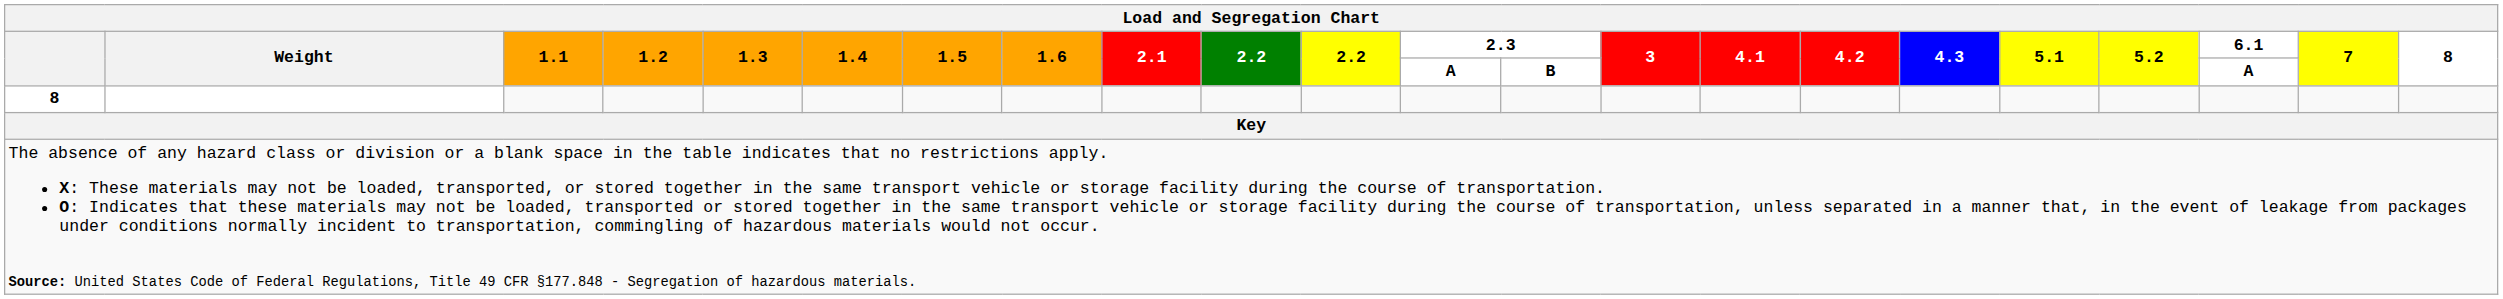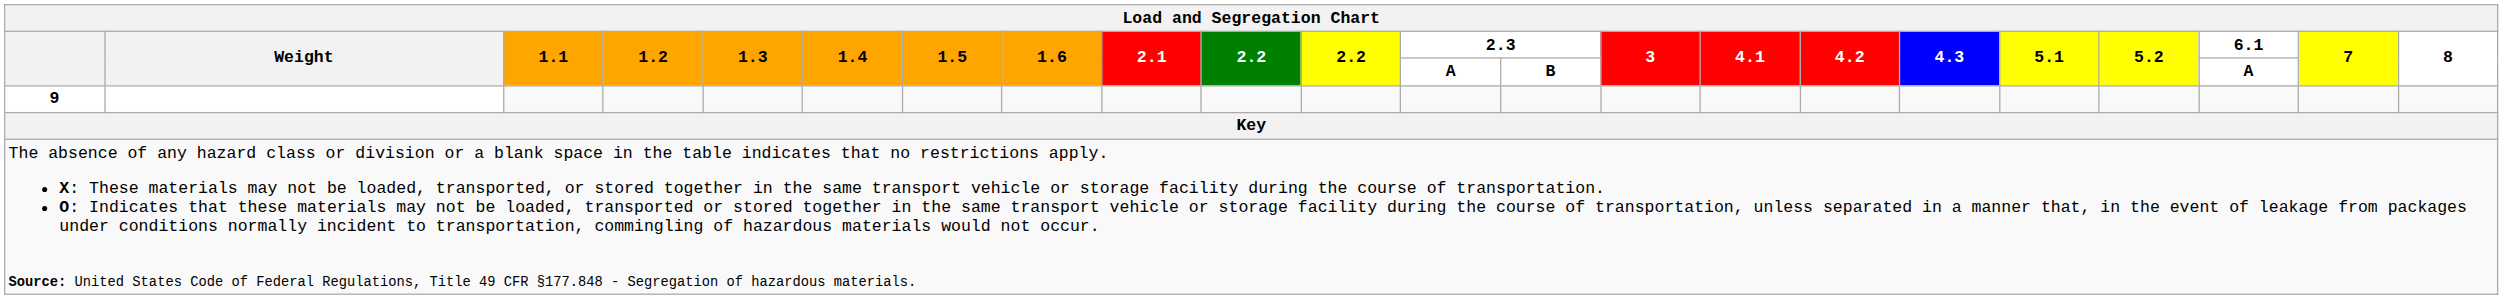 <table width=99% align=center class=wikitable>
 <tr>
 <th colspan=22>Load and Segregation Chart</th>
 </tr>
 <tr>
 <th rowspan=2 width=4%> </th>
 <th rowspan=2><strong>Weight</strong></th>
 <td rowspan=2 style="text-align:center;background-color:orange;" width=4%><strong>1.1</strong></td>
 <td rowspan=2 style="text-align:center;background-color:orange;" width=4%><strong>1.2</strong></td>
 <td rowspan=2 style="text-align:center;background-color:orange;" width=4%><strong>1.3</strong></td>
 <td rowspan=2 style="text-align:center;background-color:orange;" width=4%><strong>1.4</strong></td>
 <td rowspan=2 style="text-align:center;background-color:orange;" width=4%><strong>1.5</strong></td>
 <td rowspan=2 style="text-align:center;background-color:orange;" width=4%><strong>1.6</strong></td>
 <td rowspan=2 style="text-align:center;background-color:red;color:white;" width=4%><strong>2.1</strong></td>
 <td rowspan=2 style="text-align:center;background-color:green;color:white;" width=4%><strong>2.2</strong></td>
 <td rowspan=2 style="text-align:center;background-color:yellow;" width=4%><strong>2.2</strong></td>
 <td colspan=2 style="text-align:center;background-color:white;" width=8%><strong>2.3</strong></td>
 <td rowspan=2 style="text-align:center;background-color:red;color:white;" width=4%><strong>3</strong></td>
 <td rowspan=2 style="text-align:center;background-color:red;color:white;" width=4%><strong>4.1</strong></td>
 <td rowspan=2 style="text-align:center;background-color:red;color:white;" width=4%><strong>4.2</strong></td>
 <td rowspan=2 style="text-align:center;background-color:blue;color:white;" width=4%><strong>4.3</strong></td>
 <td rowspan=2 style="text-align:center;background-color:yellow;" width=4%><strong>5.1</strong></td>
 <td rowspan=2 style="text-align:center;background-color:yellow;" width=4%><strong>5.2</strong></td>
 <td style="text-align:center;background-color:white;" width=4%><strong>6.1</strong></td>
 <td rowspan=2 style="text-align:center;background-color:yellow;" width=4%><strong>7</strong></td>
 <td rowspan=2 style="text-align:center;background-color:white;" width=4%><strong>8</strong></td>
 </tr>
 <tr>
 <td style="text-align:center;background-color:white;" width=4%><strong>A</strong></td>
 <td style="text-align:center;background-color:white;" width=4%><strong>B</strong></td>
 <td style="text-align:center;background-color:white;"><strong>A</strong></td>
 </tr>
 <tr>
-<td style="text-align:center;background-color:white;"><strong>8</strong></td>
+<td style="text-align:center;background-color:white;"><strong>9</strong></td>
 <td style="text-align:center;background-color:white;"> </td>
 <td style="text-align:center;"> </td>
 <td style="text-align:center;"> </td>
 <td style="text-align:center;"> </td>
 <td style="text-align:center;"> </td>
 <td style="text-align:center;"> </td>
 <td style="text-align:center;"> </td>
 <td style="text-align:center;"> </td>
 <td style="text-align:center;"> </td>
 <td style="text-align:center;"> </td>
 <td style="text-align:center;"> </td>
 <td style="text-align:center;"> </td>
 <td style="text-align:center;"> </td>
 <td style="text-align:center;"> </td>
 <td style="text-align:center;"> </td>
 <td style="text-align:center;"> </td>
 <td style="text-align:center;"> </td>
 <td style="text-align:center;"> </td>
 <td style="text-align:center;"> </td>
 <td style="text-align:center;"> </td>
 <td style="text-align:center;"> </td>
 </tr>
 <tr>
 <th colspan=22>Key</th>
 </tr>
 <tr>
 <td colspan=22>The absence of any hazard class or division or a blank space in the table indicates that no restrictions apply.<br><ul><li><strong>X</strong>: These materials may not be loaded, transported, or stored together in the same transport vehicle or storage facility during the course of transportation.</li><li><strong>O</strong>: Indicates that these materials may not be loaded, transported or stored together in the same transport vehicle or storage facility during the course of transportation, unless separated in a manner that, in the event of leakage from packages under conditions normally incident to transportation, commingling of hazardous materials would not occur.</li></ul><br><small><strong>Source:</strong> United States Code of Federal Regulations, Title 49 CFR §177.848 - Segregation of hazardous materials. </small></td>
 </tr>
 </table>
